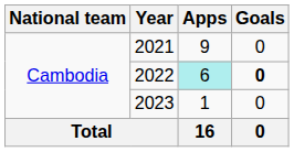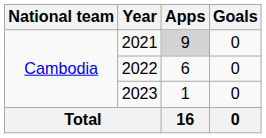 <table class="wikitable" style="text-align:center">
 <tr>
 <th>National team</th>
 <th>Year</th>
 <th>Apps</th>
 <th>Goals</th>
 </tr>
 <tr>
 <td rowspan="3"><a href='#'>Cambodia</a></td>
 <td>2021</td>
-<td>9</td>
+<td style="background: lightgrey;">9</td>
 <td>0</td>
 </tr>
 <tr>
 <td>2022</td>
-<td style="background: paleturquoise;">6</td>
-<td><strong>0</strong></td>
+<td>6</td>
+<td>0</td>
 </tr>
 <tr>
 <td>2023</td>
 <td>1</td>
 <td>0</td>
 </tr>
 <tr>
 <th colspan="2">Total</th>
 <th>16</th>
 <th>0</th>
 </tr>
 </table>
